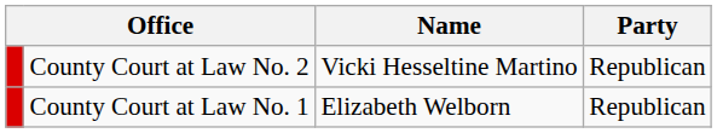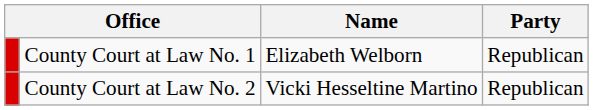 <table class="wikitable">
 <tr>
 <th colspan="2">Office</th>
 <th>Name</th>
 <th>Party</th>
 </tr>
 <tr>
 <td bgcolor=dark red> </td>
+<td>County Court at Law No. 1</td>
+<td>Elizabeth Welborn</td>
+<td>Republican</td>
+</tr>
+<tr>
+<td bgcolor=dark red> </td>
 <td>County Court at Law No. 2</td>
 <td>Vicki Hesseltine Martino</td>
 <td>Republican</td>
 </tr>
-<tr>
-<td bgcolor=dark red> </td>
-<td>County Court at Law No. 1</td>
-<td>Elizabeth Welborn</td>
-<td>Republican</td>
-</tr>
 </table>
